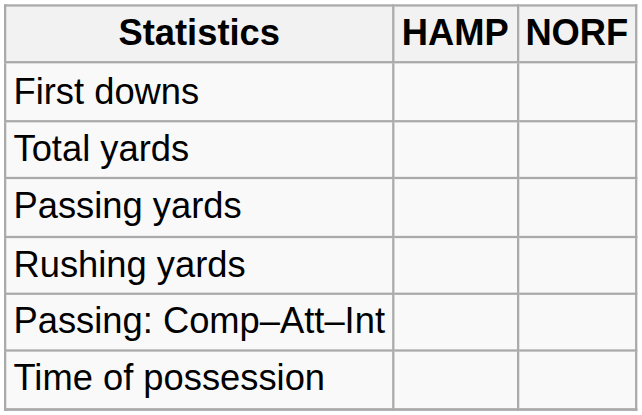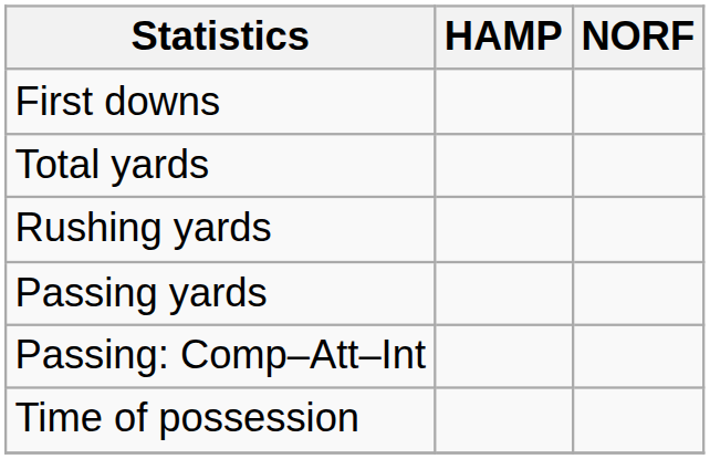 <table class="wikitable" style="float: left;">
 <tr>
 <th>Statistics</th>
 <th>HAMP</th>
 <th>NORF</th>
 </tr>
 <tr>
 <td>First downs</td>
 <td></td>
 <td></td>
 </tr>
 <tr>
 <td>Total yards</td>
 <td></td>
 <td></td>
 </tr>
 <tr>
-<td>Passing yards</td>
+<td>Rushing yards</td>
 <td></td>
 <td></td>
 </tr>
 <tr>
-<td>Rushing yards</td>
+<td>Passing yards</td>
 <td></td>
 <td></td>
 </tr>
 <tr>
 <td>Passing: Comp–Att–Int</td>
 <td></td>
 <td></td>
 </tr>
 <tr>
 <td>Time of possession</td>
 <td></td>
 <td></td>
 </tr>
 <tr>
 </tr>
 </table>
